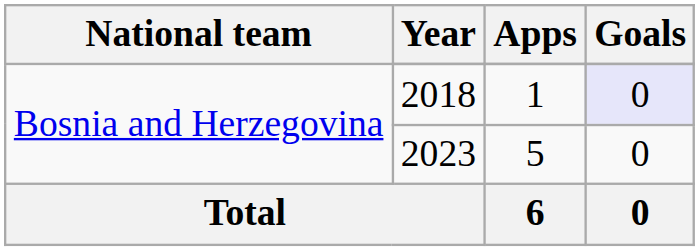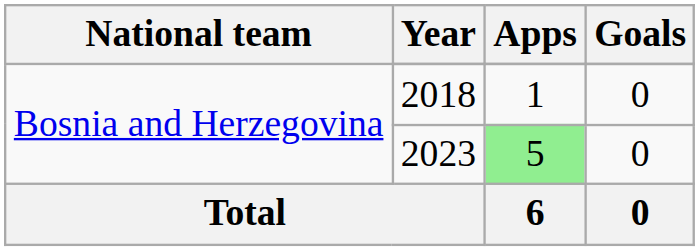 <table class=wikitable style="text-align: center;">
 <tr>
 <th>National team</th>
 <th>Year</th>
 <th>Apps</th>
 <th>Goals</th>
 </tr>
 <tr>
 <td rowspan=3><a href='#'>Bosnia and Herzegovina</a></td>
 </tr>
 <tr>
 <td>2018</td>
 <td>1</td>
-<td style="background: lavender;">0</td>
+<td>0</td>
 </tr>
 <tr>
 <td>2023</td>
-<td>5</td>
+<td style="background: lightgreen;">5</td>
 <td>0</td>
 </tr>
 <tr>
 <th colspan=2>Total</th>
 <th>6</th>
 <th>0</th>
 </tr>
 </table>
